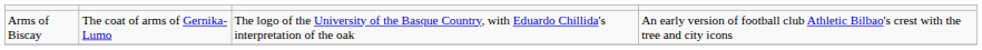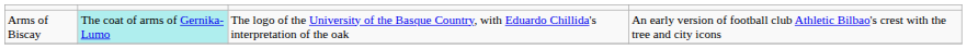 <table class="wikitable" border="1">
 <tr>
 <td align="center"></td>
 <td align="center"></td>
 <td align="center"></td>
 <td align="center"></td>
 </tr>
 <tr>
 <td>Arms of Biscay</td>
-<td>The coat of arms of <a href='#'>Gernika-Lumo</a></td>
+<td style="background: paleturquoise;">The coat of arms of <a href='#'>Gernika-Lumo</a></td>
 <td>The logo of the <a href='#'>University of the Basque Country</a>, with <a href='#'>Eduardo Chillida</a>'s interpretation of the oak</td>
 <td>An early version of football club <a href='#'>Athletic Bilbao</a>'s crest with the tree and city icons</td>
 </tr>
 <tr>
 </tr>
 </table>
